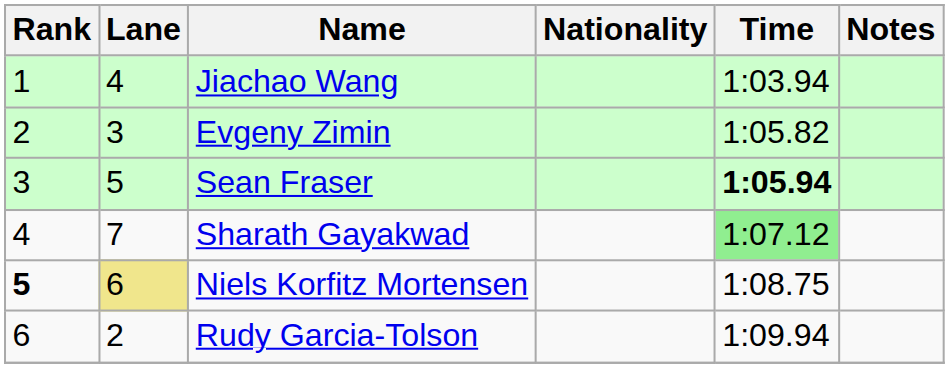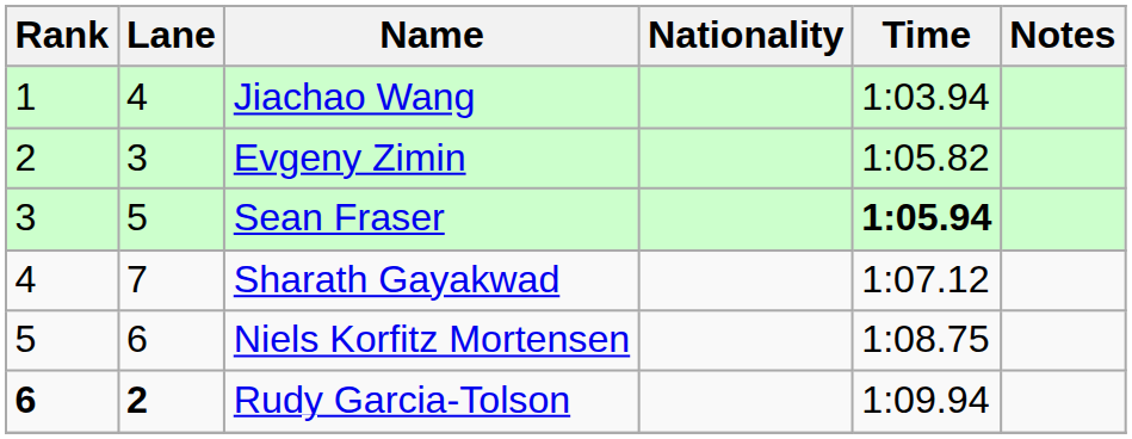 <table class="wikitable">
 <tr>
 <th>Rank</th>
 <th>Lane</th>
 <th>Name</th>
 <th>Nationality</th>
 <th>Time</th>
 <th>Notes</th>
 </tr>
 <tr>
 <td bgcolor=ccffcc>1</td>
 <td bgcolor=ccffcc>4</td>
 <td bgcolor=ccffcc><a href='#'>Jiachao Wang</a></td>
 <td bgcolor=ccffcc></td>
 <td bgcolor=ccffcc>1:03.94</td>
 <td bgcolor=ccffcc></td>
 </tr>
 <tr>
 <td bgcolor=ccffcc>2</td>
 <td bgcolor=ccffcc>3</td>
 <td bgcolor=ccffcc><a href='#'>Evgeny Zimin</a></td>
 <td bgcolor=ccffcc></td>
 <td bgcolor=ccffcc>1:05.82</td>
 <td bgcolor=ccffcc></td>
 </tr>
 <tr>
 <td bgcolor=ccffcc>3</td>
 <td bgcolor=ccffcc>5</td>
 <td bgcolor=ccffcc><a href='#'>Sean Fraser</a></td>
 <td bgcolor=ccffcc></td>
 <td bgcolor=ccffcc><strong>1:05.94</strong></td>
 <td bgcolor=ccffcc></td>
 </tr>
 <tr>
 <td>4</td>
 <td>7</td>
 <td><a href='#'>Sharath Gayakwad</a></td>
 <td></td>
-<td style="background: lightgreen;">1:07.12</td>
+<td>1:07.12</td>
 <td></td>
 </tr>
 <tr>
-<td><strong>5</strong></td>
-<td style="background: khaki;">6</td>
+<td>5</td>
+<td>6</td>
 <td><a href='#'>Niels Korfitz Mortensen</a></td>
 <td></td>
 <td>1:08.75</td>
 <td></td>
 </tr>
 <tr>
-<td>6</td>
-<td>2</td>
+<td><strong>6</strong></td>
+<td><strong>2</strong></td>
 <td><a href='#'>Rudy Garcia-Tolson</a></td>
 <td></td>
 <td>1:09.94</td>
 <td></td>
 </tr>
 <tr>
 </tr>
 </table>
